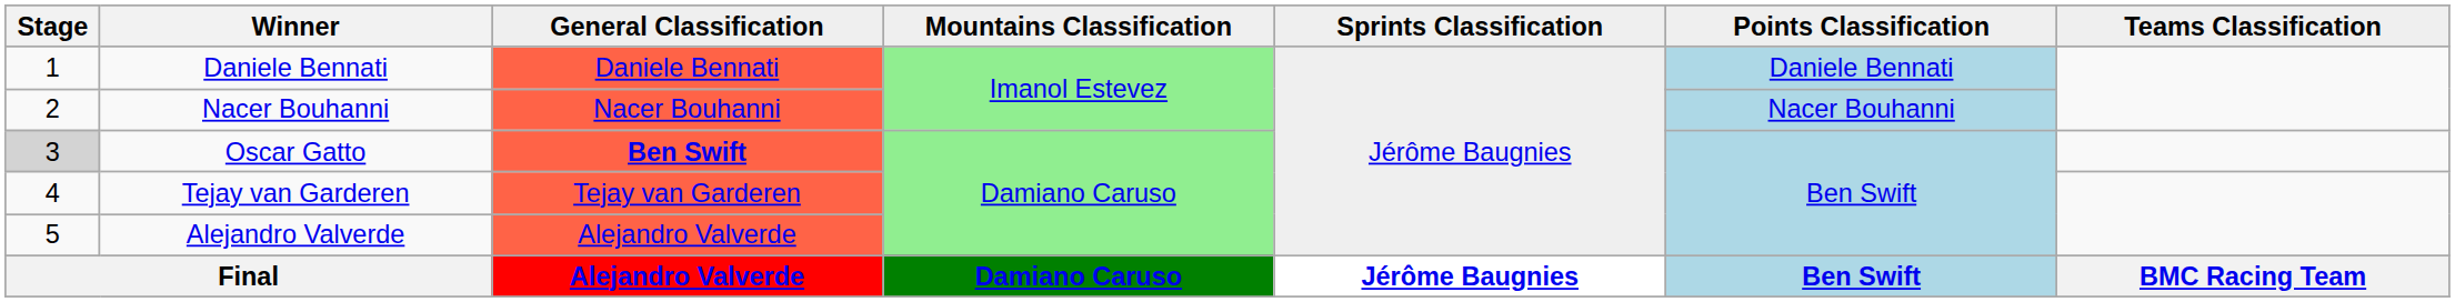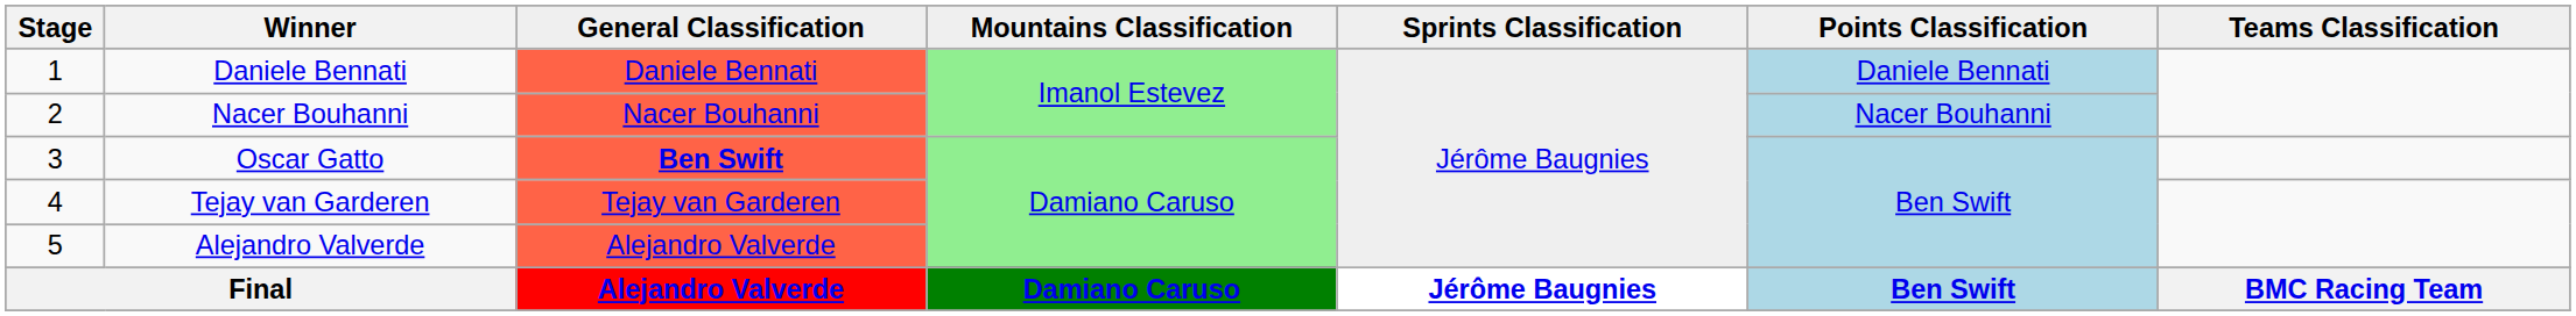 <table class="wikitable" style="text-align: center; font-size:smaller;">
 <tr style="background:#efefef;">
 <th style="width:1%;">Stage</th>
 <th style="width:11%;">Winner</th>
 <th style="background:#efefef; width:11%;">General Classification<br></th>
 <th style="background:#efefef; width:11%;">Mountains Classification<br></th>
 <th style="background:#efefef; width:11%;">Sprints Classification<br></th>
 <th style="background:#efefef; width:11%;">Points Classification<br></th>
 <th style="background:#efefef; width:11%;">Teams Classification</th>
 </tr>
 <tr>
 <td>1</td>
 <td><a href='#'>Daniele Bennati</a></td>
 <td style="background:tomato;"><a href='#'>Daniele Bennati</a></td>
 <td style="background:lightgreen;" rowspan=2><a href='#'>Imanol Estevez</a></td>
 <td style="background:#EFEFEF;" rowspan=5><a href='#'>Jérôme Baugnies</a></td>
 <td style="background:lightblue;" rowspan=1><a href='#'>Daniele Bennati</a></td>
 <td rowspan=2></td>
 </tr>
 <tr>
 <td>2</td>
 <td><a href='#'>Nacer Bouhanni</a></td>
 <td style="background:tomato;"><a href='#'>Nacer Bouhanni</a></td>
 <td style="background:lightblue;" rowspan=1><a href='#'>Nacer Bouhanni</a></td>
 </tr>
 <tr>
-<td style="background: lightgrey;">3</td>
+<td>3</td>
 <td><a href='#'>Oscar Gatto</a></td>
 <td style="background:tomato;"><strong><a href='#'>Ben Swift</a></strong></td>
 <td style="background:lightgreen;" rowspan=3><a href='#'>Damiano Caruso</a></td>
 <td style="background:lightblue;" rowspan=3><a href='#'>Ben Swift</a></td>
 <td></td>
 </tr>
 <tr>
 <td>4</td>
 <td><a href='#'>Tejay van Garderen</a></td>
 <td style="background:tomato;"><a href='#'>Tejay van Garderen</a></td>
 <td rowspan=2></td>
 </tr>
 <tr>
 <td>5</td>
 <td><a href='#'>Alejandro Valverde</a></td>
 <td style="background:tomato;"><a href='#'>Alejandro Valverde</a></td>
 </tr>
 <tr>
 <th colspan=2><strong>Final</strong></th>
 <th style="background:red;"><a href='#'>Alejandro Valverde</a></th>
 <th style="background:green;"><a href='#'>Damiano Caruso</a></th>
 <th style="background:white;"><a href='#'>Jérôme Baugnies</a></th>
 <th style="background:lightblue;"><a href='#'>Ben Swift</a></th>
 <th style="background:offwhite;"><a href='#'>BMC Racing Team</a></th>
 </tr>
 </table>
